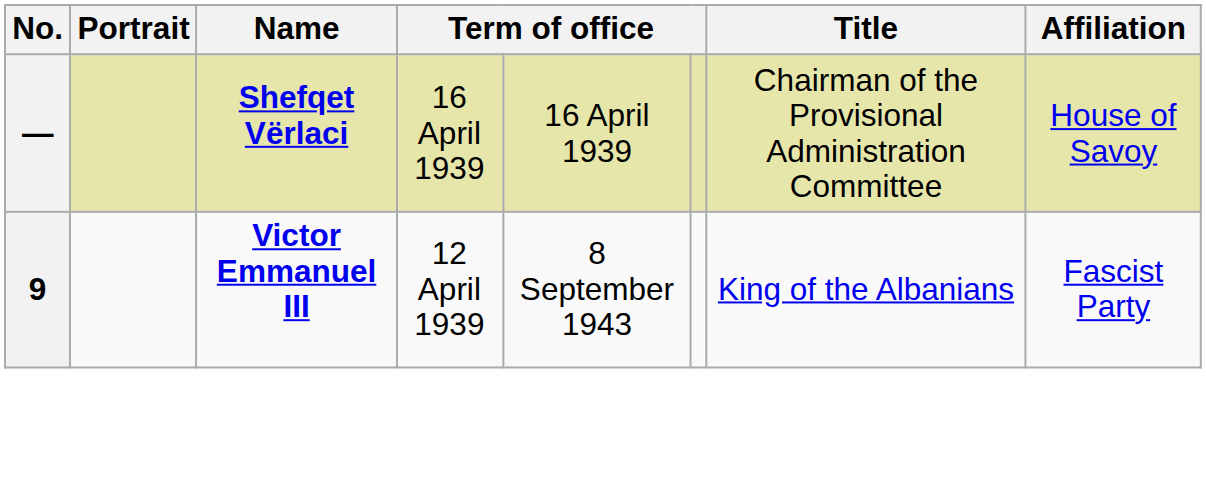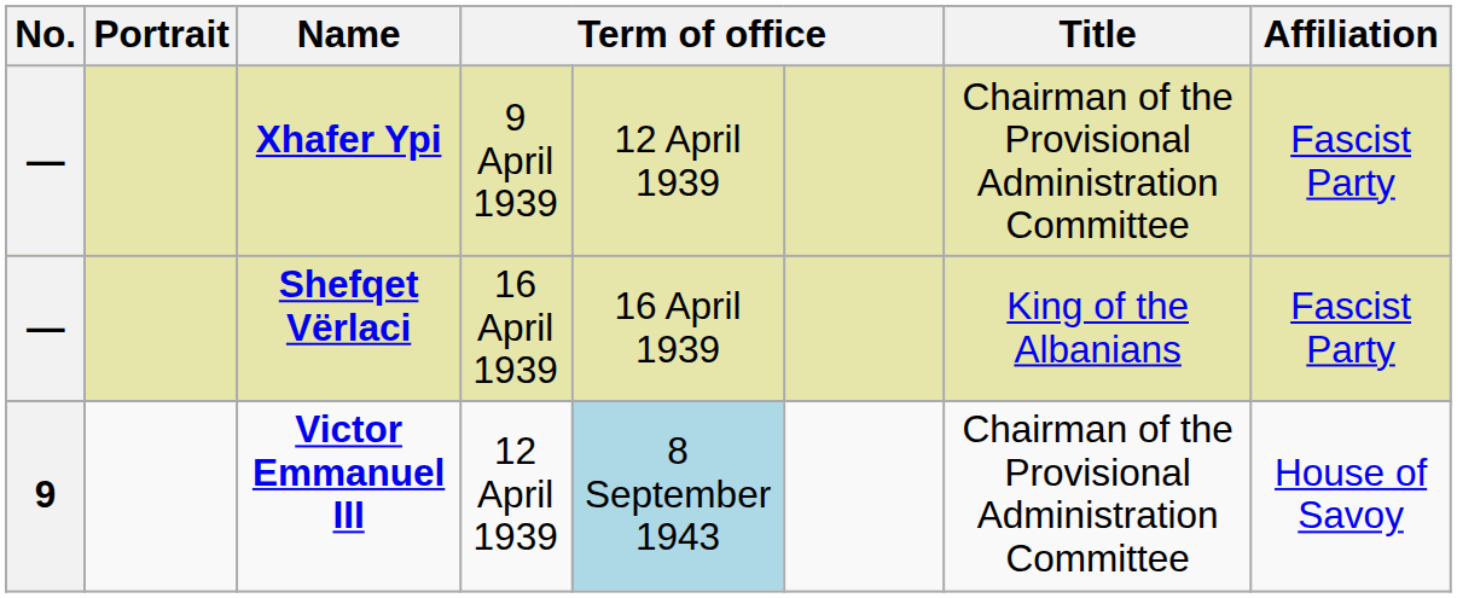 <table class="wikitable" style="text-align:center;">
 <tr>
 <th>No.</th>
 <th>Portrait</th>
 <th>Name</th>
 <th colspan="3">Term of office</th>
 <th>Title</th>
 <th>Affiliation</th>
 </tr>
 <tr style="background:#e6e6aa;">
 <th style="background:">―</th>
 <td></td>
+<td><strong><a href='#'>Xhafer Ypi</a></strong><br><br></td>
+<td>9 April 1939</td>
+<td>12 April 1939</td>
+<td width="60px"><em></em></td>
+<td>Chairman of the Provisional Administration Committee</td>
+<td><a href='#'>Fascist Party</a></td>
+</tr>
+<tr style="background:#e6e6aa;">
+<th style="background:">―</th>
+<td></td>
 <td><strong><a href='#'>Shefqet Vërlaci</a></strong><br><br></td>
 <td>16 April 1939</td>
 <td>16 April 1939</td>
 <td><em></em></td>
-<td>Chairman of the Provisional Administration Committee</td>
-<td><a href='#'>House of Savoy</a></td>
+<td><a href='#'>King of the Albanians</a></td>
+<td><a href='#'>Fascist Party</a></td>
 </tr>
 <tr>
 <th style="background:">9</th>
 <td></td>
 <td><strong><a href='#'>Victor Emmanuel III</a></strong><br><br></td>
 <td>12 April 1939</td>
-<td>8 September 1943</td>
+<td style="background: lightblue;">8 September 1943</td>
 <td><em></em></td>
-<td><a href='#'>King of the Albanians</a></td>
-<td><a href='#'>Fascist Party</a></td>
+<td>Chairman of the Provisional Administration Committee</td>
+<td><a href='#'>House of Savoy</a></td>
 </tr>
 </table>
